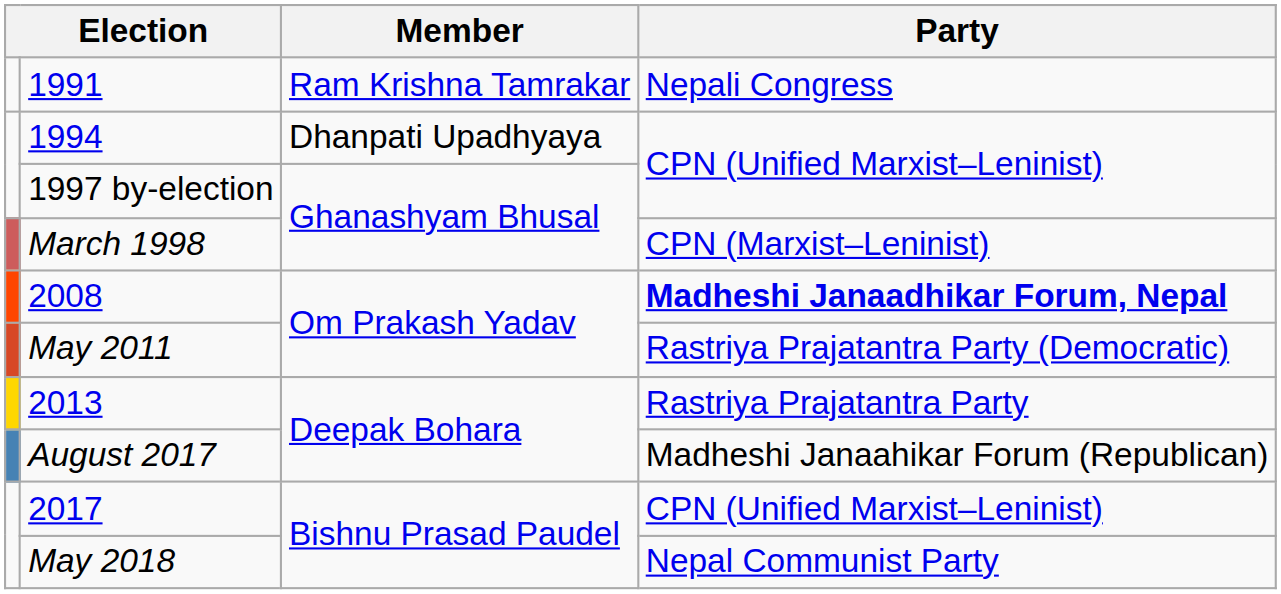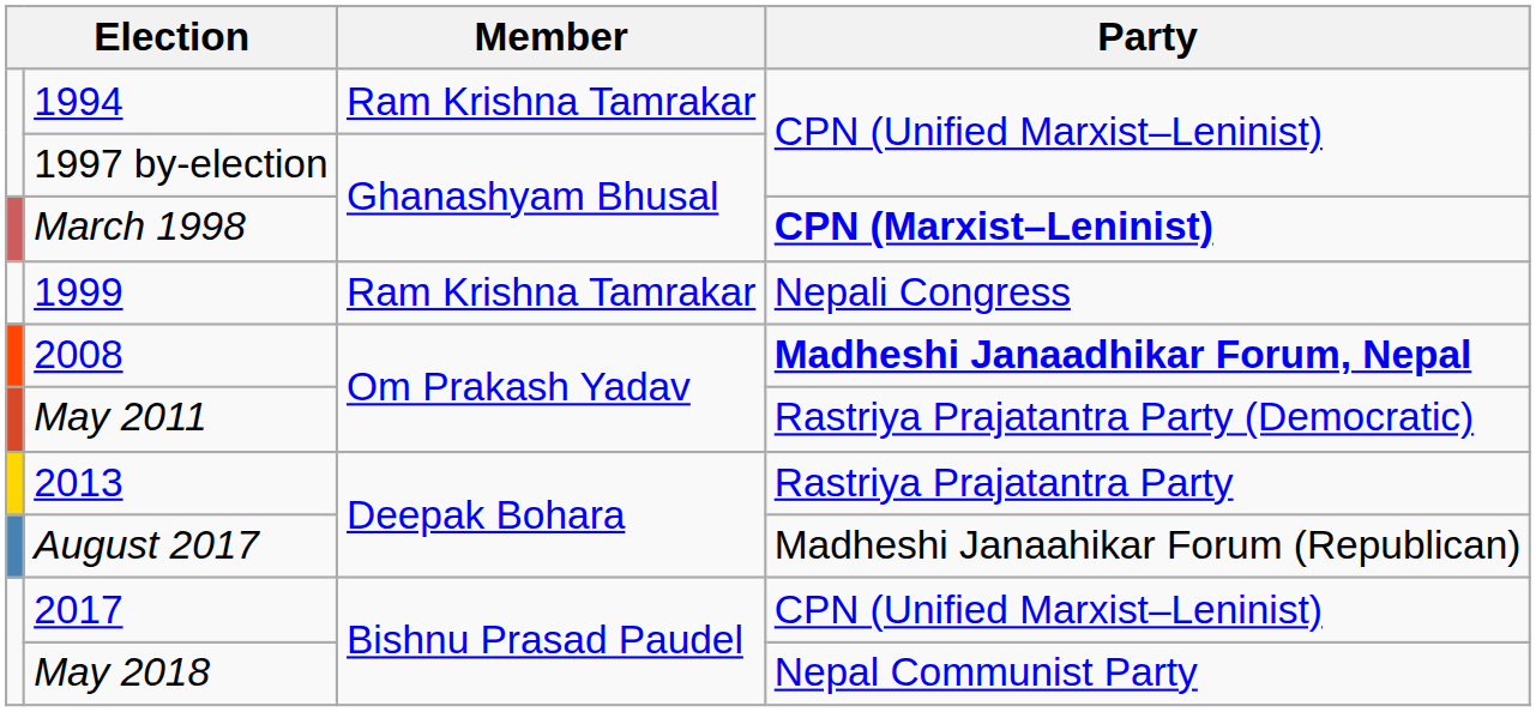 <table class="wikitable">
 <tr>
 <th colspan="2">Election</th>
 <th>Member</th>
 <th>Party</th>
 </tr>
 <tr>
-<td style="background-color:"></td>
-<td><a href='#'>1991</a></td>
-<td><a href='#'>Ram Krishna Tamrakar</a></td>
-<td><a href='#'>Nepali Congress</a></td>
-</tr>
-<tr>
 <td rowspan="2" style="background-color:"></td>
 <td><a href='#'>1994</a></td>
-<td>Dhanpati Upadhyaya</td>
+<td><a href='#'>Ram Krishna Tamrakar</a></td>
 <td rowspan="2"><a href='#'>CPN (Unified Marxist–Leninist)</a></td>
 </tr>
 <tr>
 <td>1997 by-election</td>
 <td rowspan="2"><a href='#'>Ghanashyam Bhusal</a></td>
 </tr>
 <tr>
 <td style="background-color:indianred"></td>
 <td><em>March 1998</em></td>
-<td><a href='#'>CPN (Marxist–Leninist)</a></td>
+<td><strong><a href='#'>CPN (Marxist–Leninist)</a></strong></td>
+</tr>
+<tr>
+<td style="background-color:"></td>
+<td><a href='#'>1999</a></td>
+<td><a href='#'>Ram Krishna Tamrakar</a></td>
+<td><a href='#'>Nepali Congress</a></td>
 </tr>
 <tr>
 <td style="background-color:orangered"></td>
 <td><a href='#'>2008</a></td>
 <td rowspan="2"><a href='#'>Om Prakash Yadav</a></td>
 <td><strong><a href='#'>Madheshi Janaadhikar Forum, Nepal</a></strong></td>
 </tr>
 <tr>
 <td style="background-color:#D74826"></td>
 <td><em>May 2011</em></td>
 <td><a href='#'>Rastriya Prajatantra Party (Democratic)</a></td>
 </tr>
 <tr>
 <td style="background-color:gold"></td>
 <td><a href='#'>2013</a></td>
 <td rowspan="2"><a href='#'>Deepak Bohara</a></td>
 <td><a href='#'>Rastriya Prajatantra Party</a></td>
 </tr>
 <tr>
 <td style="background-color:steelblue"></td>
 <td><em>August 2017</em></td>
 <td>Madheshi Janaahikar Forum (Republican)</td>
 </tr>
 <tr>
 <td rowspan="2" style="background-color:"></td>
 <td><a href='#'>2017</a></td>
 <td rowspan="2"><a href='#'>Bishnu Prasad Paudel</a></td>
 <td><a href='#'>CPN (Unified Marxist–Leninist)</a></td>
 </tr>
 <tr>
 <td><em>May 2018</em></td>
 <td><a href='#'>Nepal Communist Party</a></td>
 </tr>
 </table>
